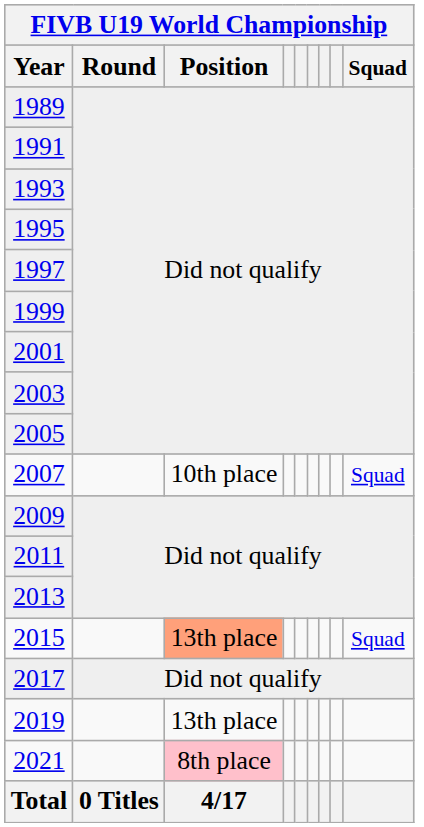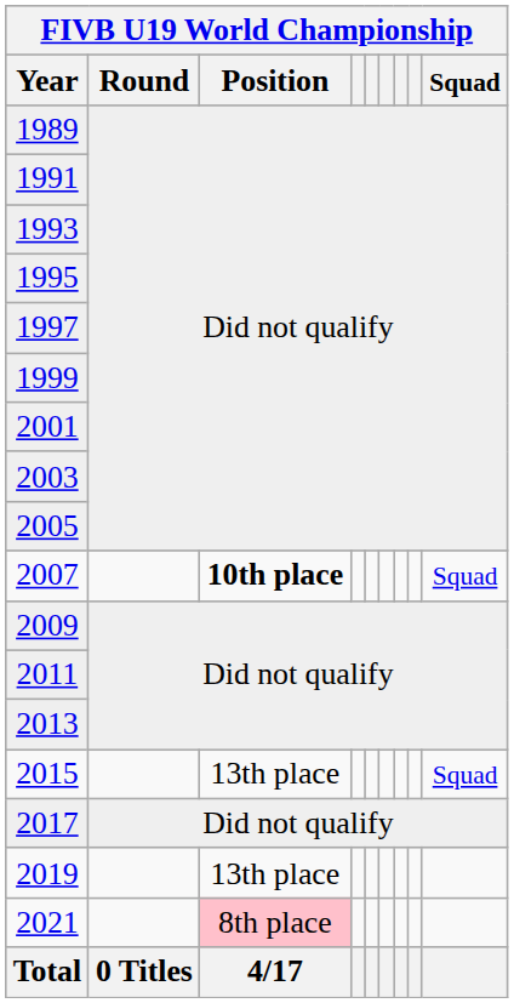 <table class="wikitable" style="text-align: center;">
 <tr>
 <th colspan=9><a href='#'>FIVB U19 World Championship</a></th>
 </tr>
 <tr>
 <th>Year</th>
 <th>Round</th>
 <th>Position</th>
 <th></th>
 <th></th>
 <th></th>
 <th></th>
 <th></th>
 <th><small>Squad</small></th>
 </tr>
 <tr bgcolor="efefef">
 <td> <a href='#'>1989</a></td>
 <td colspan=9 rowspan=9>Did not qualify</td>
 </tr>
 <tr bgcolor="efefef">
 <td> <a href='#'>1991</a></td>
 </tr>
 <tr bgcolor="efefef">
 <td> <a href='#'>1993</a></td>
 </tr>
 <tr bgcolor="efefef">
 <td> <a href='#'>1995</a></td>
 </tr>
 <tr bgcolor="efefef">
 <td> <a href='#'>1997</a></td>
 </tr>
 <tr bgcolor="efefef">
 <td> <a href='#'>1999</a></td>
 </tr>
 <tr bgcolor="efefef">
 <td> <a href='#'>2001</a></td>
 </tr>
 <tr bgcolor="efefef">
 <td> <a href='#'>2003</a></td>
 </tr>
 <tr bgcolor="efefef">
 <td> <a href='#'>2005</a></td>
 </tr>
 <tr>
 <td> <a href='#'>2007</a></td>
 <td></td>
-<td>10th place</td>
+<td><strong>10th place</strong></td>
 <td></td>
 <td></td>
 <td></td>
 <td></td>
 <td></td>
 <td><small><a href='#'>Squad</a></small></td>
 </tr>
 <tr bgcolor="efefef">
 <td> <a href='#'>2009</a></td>
 <td colspan=9 rowspan=3>Did not qualify</td>
 </tr>
 <tr bgcolor="efefef">
 <td> <a href='#'>2011</a></td>
 </tr>
 <tr bgcolor="efefef">
 <td> <a href='#'>2013</a></td>
 </tr>
 <tr>
 <td> <a href='#'>2015</a></td>
 <td></td>
-<td style="background: lightsalmon;">13th place</td>
+<td>13th place</td>
 <td></td>
 <td></td>
 <td></td>
 <td></td>
 <td></td>
 <td><small><a href='#'>Squad</a></small></td>
 </tr>
 <tr bgcolor="efefef">
 <td> <a href='#'>2017</a></td>
 <td colspan=9>Did not qualify</td>
 </tr>
 <tr>
 <td> <a href='#'>2019</a></td>
 <td></td>
 <td>13th place</td>
 <td></td>
 <td></td>
 <td></td>
 <td></td>
 <td></td>
 <td></td>
 </tr>
 <tr>
 <td> <a href='#'>2021</a></td>
 <td></td>
 <td style="background: pink;">8th place</td>
 <td></td>
 <td></td>
 <td></td>
 <td></td>
 <td></td>
 </tr>
 <tr>
 <th>Total</th>
 <th>0 Titles</th>
 <th>4/17</th>
 <th></th>
 <th></th>
 <th></th>
 <th></th>
 <th></th>
 <th></th>
 </tr>
 </table>
